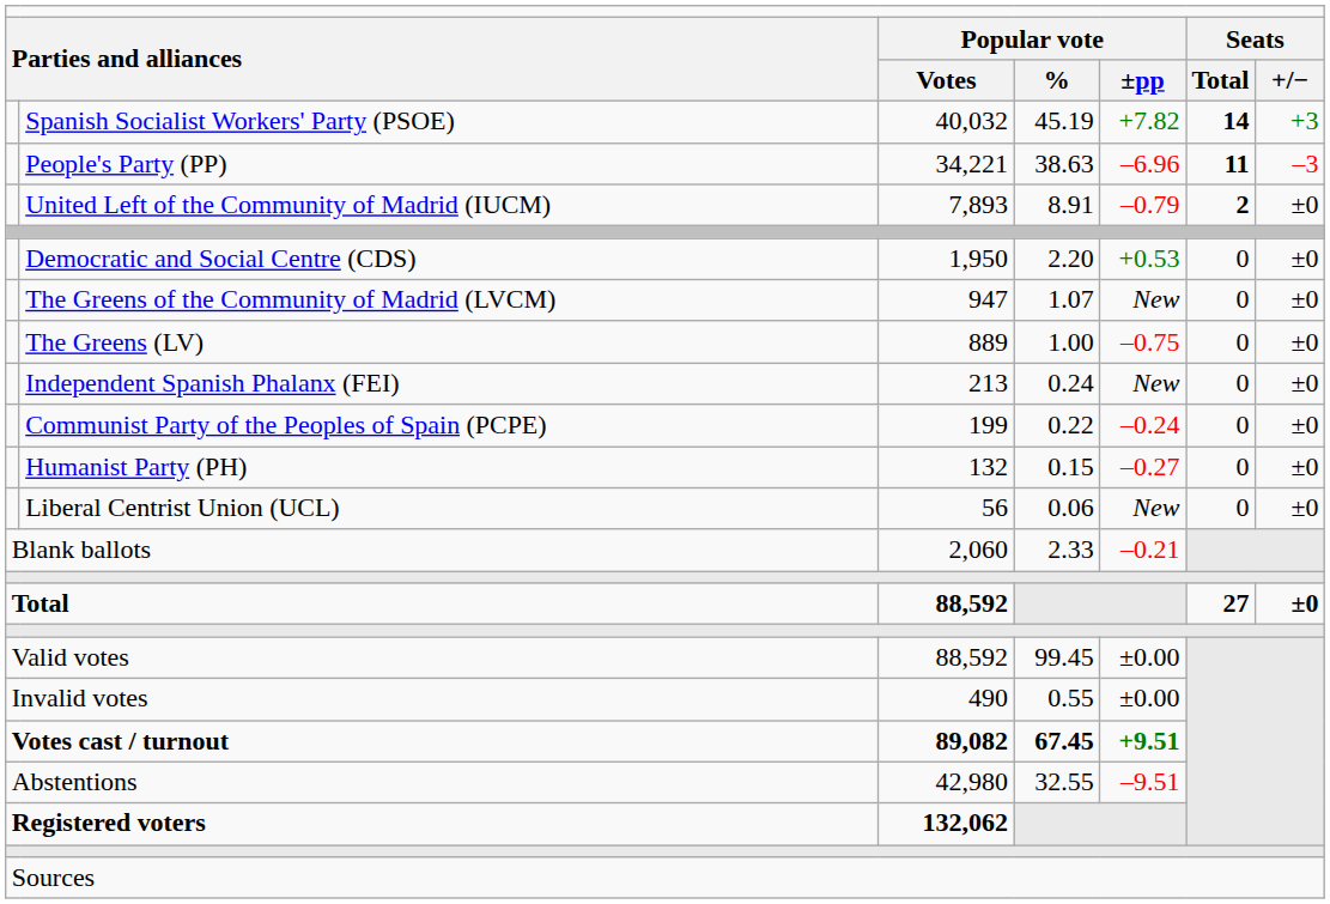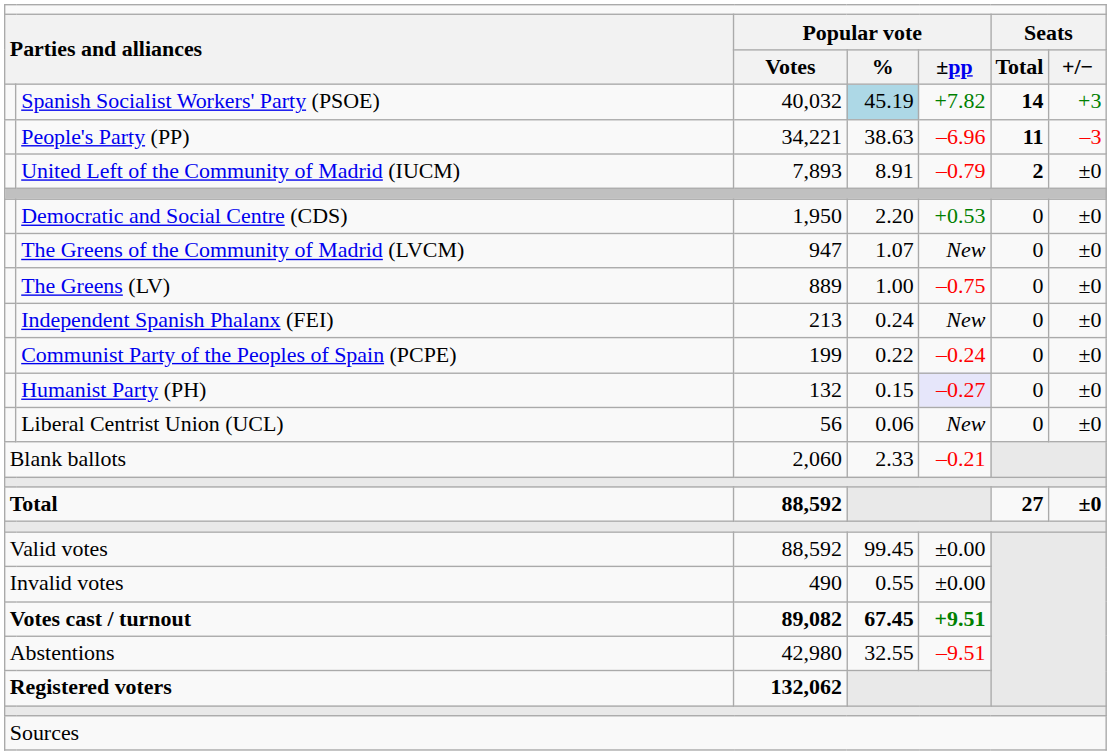 <table class="wikitable" style="text-align:right;">
 <tr>
 <td colspan="7"></td>
 </tr>
 <tr>
 <th style="text-align:left;" rowspan="2" colspan="2" width="525">Parties and alliances</th>
 <th colspan="3">Popular vote</th>
 <th colspan="2">Seats</th>
 </tr>
 <tr>
 <th width="75">Votes</th>
 <th width="45">%</th>
 <th width="45">±<a href='#'>pp</a></th>
 <th width="35">Total</th>
 <th width="35">+/−</th>
 </tr>
 <tr>
 <td width="1" style="color:inherit;background:"></td>
 <td align="left"><a href='#'>Spanish Socialist Workers' Party</a> (PSOE)</td>
 <td>40,032</td>
-<td>45.19</td>
+<td style="background: lightblue;">45.19</td>
 <td style="color:green;">+7.82</td>
 <td><strong>14</strong></td>
 <td style="color:green;">+3</td>
 </tr>
 <tr>
 <td style="color:inherit;background:"></td>
 <td align="left"><a href='#'>People's Party</a> (PP)</td>
 <td>34,221</td>
 <td>38.63</td>
 <td style="color:red;">–6.96</td>
 <td><strong>11</strong></td>
 <td style="color:red;">–3</td>
 </tr>
 <tr>
 <td style="color:inherit;background:"></td>
 <td align="left"><a href='#'>United Left of the Community of Madrid</a> (IUCM)</td>
 <td>7,893</td>
 <td>8.91</td>
 <td style="color:red;">–0.79</td>
 <td><strong>2</strong></td>
 <td>±0</td>
 </tr>
 <tr>
 <td colspan="7" bgcolor="#C0C0C0"></td>
 </tr>
 <tr>
 <td style="color:inherit;background:"></td>
 <td align="left"><a href='#'>Democratic and Social Centre</a> (CDS)</td>
 <td>1,950</td>
 <td>2.20</td>
 <td style="color:green;">+0.53</td>
 <td>0</td>
 <td>±0</td>
 </tr>
 <tr>
 <td style="color:inherit;background:"></td>
 <td align="left"><a href='#'>The Greens of the Community of Madrid</a> (LVCM)</td>
 <td>947</td>
 <td>1.07</td>
 <td><em>New</em></td>
 <td>0</td>
 <td>±0</td>
 </tr>
 <tr>
 <td style="color:inherit;background:"></td>
 <td align="left"><a href='#'>The Greens</a> (LV)</td>
 <td>889</td>
 <td>1.00</td>
 <td style="color:red;">–0.75</td>
 <td>0</td>
 <td>±0</td>
 </tr>
 <tr>
 <td style="color:inherit;background:"></td>
 <td align="left"><a href='#'>Independent Spanish Phalanx</a> (FEI)</td>
 <td>213</td>
 <td>0.24</td>
 <td><em>New</em></td>
 <td>0</td>
 <td>±0</td>
 </tr>
 <tr>
 <td style="color:inherit;background:"></td>
 <td align="left"><a href='#'>Communist Party of the Peoples of Spain</a> (PCPE)</td>
 <td>199</td>
 <td>0.22</td>
 <td style="color:red;">–0.24</td>
 <td>0</td>
 <td>±0</td>
 </tr>
 <tr>
 <td style="color:inherit;background:"></td>
 <td align="left"><a href='#'>Humanist Party</a> (PH)</td>
 <td>132</td>
 <td>0.15</td>
-<td style="color:red;">–0.27</td>
+<td style="background: lavender; color:red;">–0.27</td>
 <td>0</td>
 <td>±0</td>
 </tr>
 <tr>
 <td style="color:inherit;background:"></td>
 <td align="left">Liberal Centrist Union (UCL)</td>
 <td>56</td>
 <td>0.06</td>
 <td><em>New</em></td>
 <td>0</td>
 <td>±0</td>
 </tr>
 <tr>
 <td align="left" colspan="2">Blank ballots</td>
 <td>2,060</td>
 <td>2.33</td>
 <td style="color:red;">–0.21</td>
 <td bgcolor="#E9E9E9" colspan="2"></td>
 </tr>
 <tr>
 <td colspan="7" bgcolor="#E9E9E9"></td>
 </tr>
 <tr style="font-weight:bold;">
 <td align="left" colspan="2">Total</td>
 <td>88,592</td>
 <td bgcolor="#E9E9E9" colspan="2"></td>
 <td>27</td>
 <td>±0</td>
 </tr>
 <tr>
 <td colspan="7" bgcolor="#E9E9E9"></td>
 </tr>
 <tr>
 <td align="left" colspan="2">Valid votes</td>
 <td>88,592</td>
 <td>99.45</td>
 <td>±0.00</td>
 <td bgcolor="#E9E9E9" colspan="2" rowspan="5"></td>
 </tr>
 <tr>
 <td align="left" colspan="2">Invalid votes</td>
 <td>490</td>
 <td>0.55</td>
 <td>±0.00</td>
 </tr>
 <tr style="font-weight:bold;">
 <td align="left" colspan="2">Votes cast / turnout</td>
 <td>89,082</td>
 <td>67.45</td>
 <td style="color:green;">+9.51</td>
 </tr>
 <tr>
 <td align="left" colspan="2">Abstentions</td>
 <td>42,980</td>
 <td>32.55</td>
 <td style="color:red;">–9.51</td>
 </tr>
 <tr style="font-weight:bold;">
 <td align="left" colspan="2">Registered voters</td>
 <td>132,062</td>
 <td bgcolor="#E9E9E9" colspan="2"></td>
 </tr>
 <tr>
 <td colspan="7" bgcolor="#E9E9E9"></td>
 </tr>
 <tr>
 <td align="left" colspan="7">Sources</td>
 </tr>
 </table>
